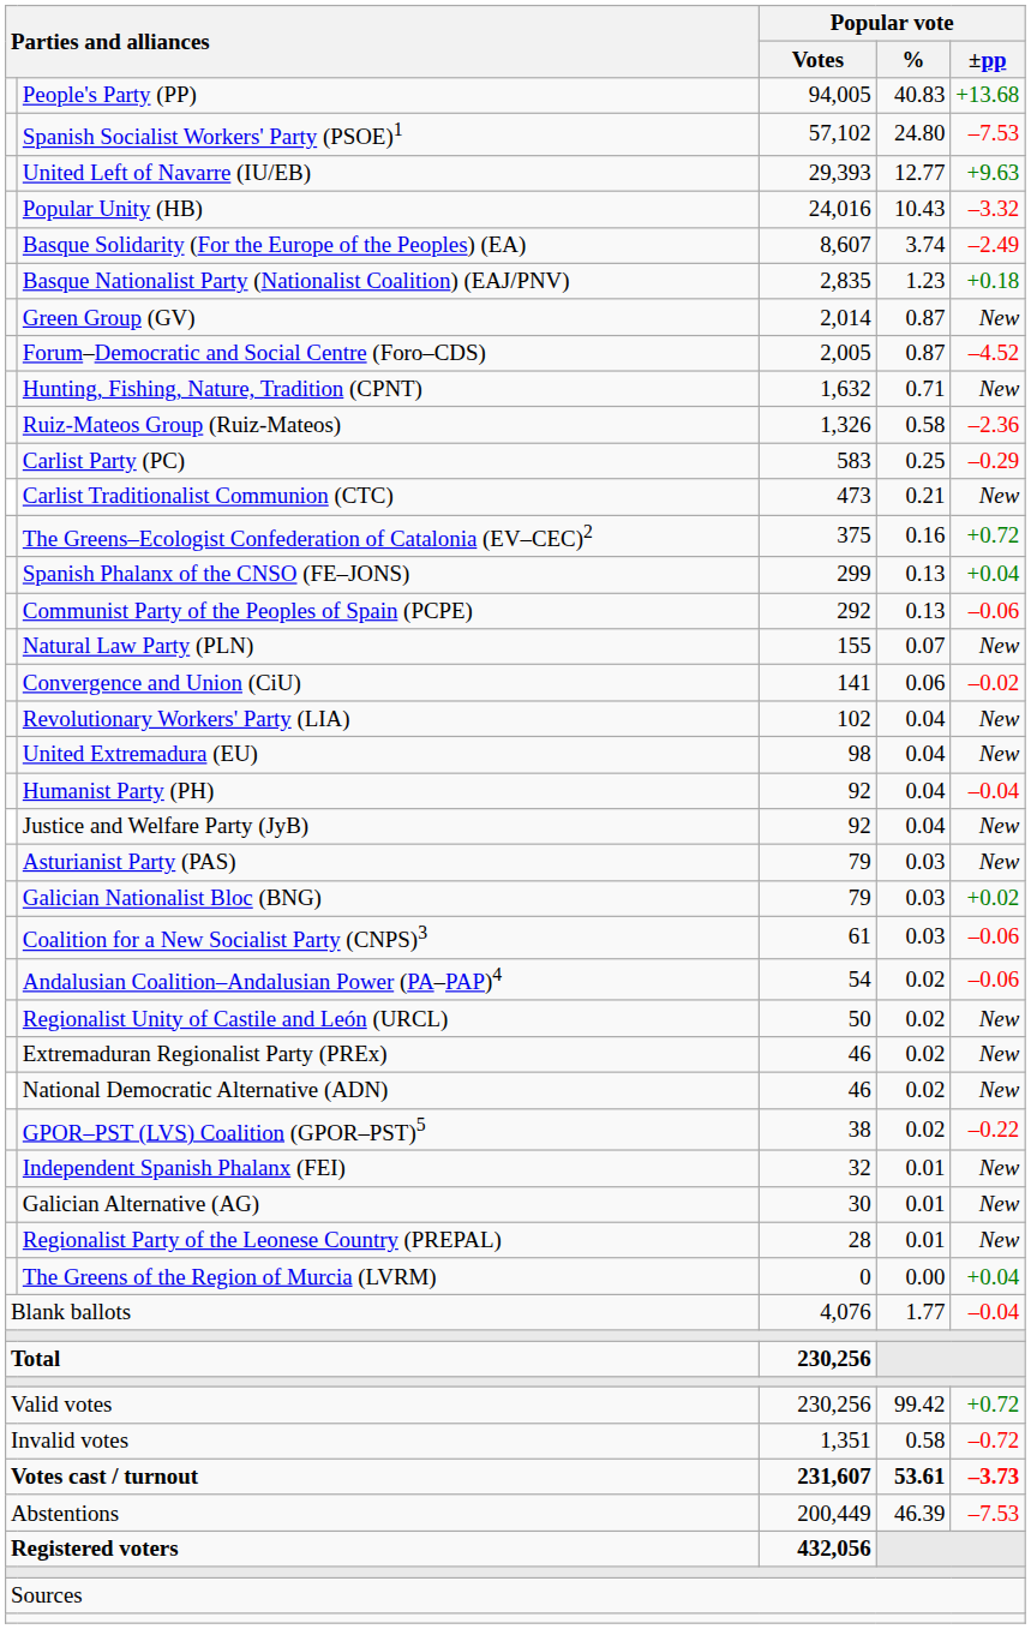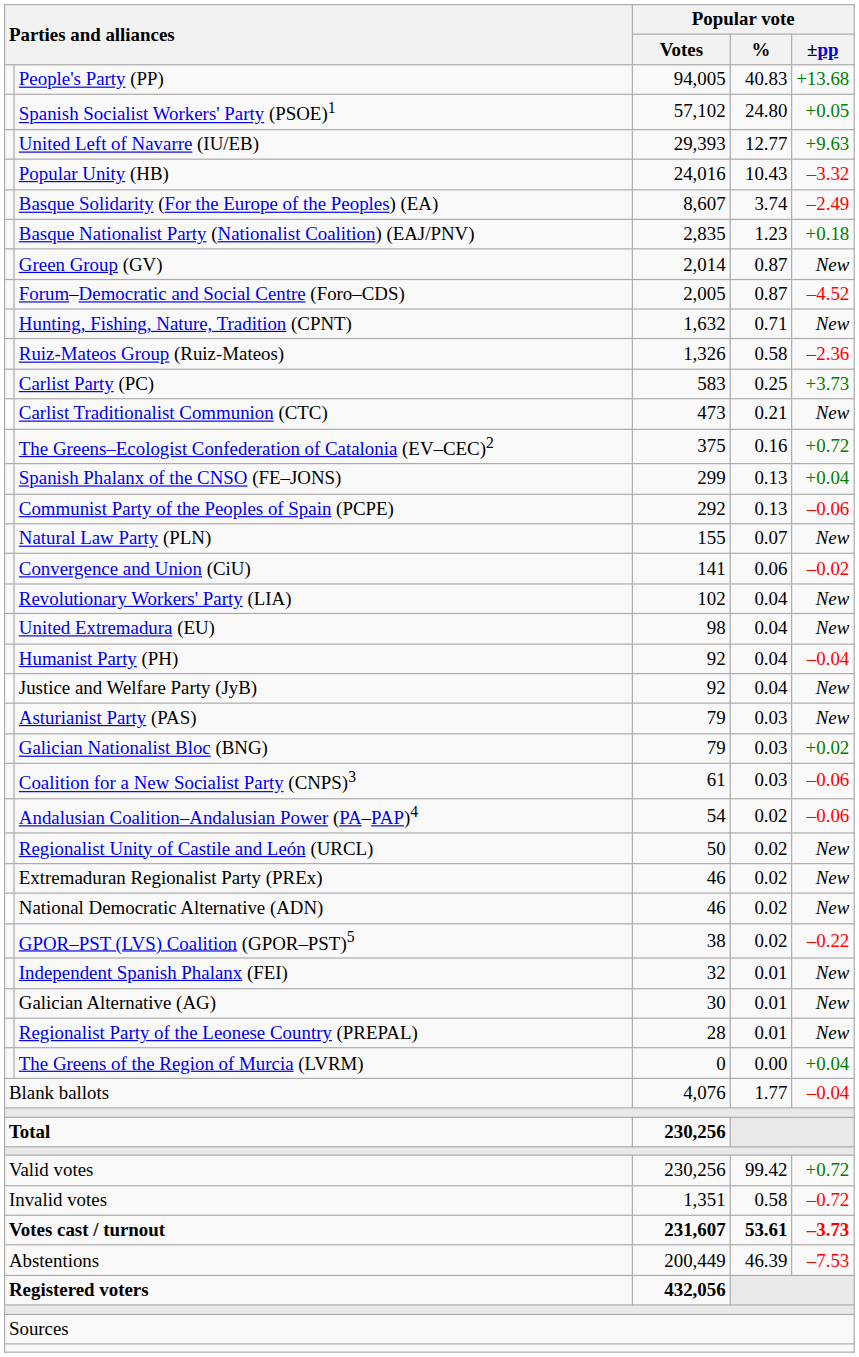 <table class="wikitable" style="text-align:right">
 <tr>
 <th style="text-align:left;" rowspan="2" colspan="2" width="525">Parties and alliances</th>
 <th colspan="3">Popular vote</th>
 </tr>
 <tr>
 <th width="75">Votes</th>
 <th width="45">%</th>
 <th width="45">±<a href='#'>pp</a></th>
 </tr>
 <tr>
 <td width="1" style="color:inherit;background:"></td>
 <td align="left"><a href='#'>People's Party</a> (PP)</td>
 <td>94,005</td>
 <td>40.83</td>
 <td style="color:green;">+13.68</td>
 </tr>
 <tr>
 <td style="color:inherit;background:"></td>
 <td align="left"><a href='#'>Spanish Socialist Workers' Party</a> (PSOE)<sup>1</sup></td>
 <td>57,102</td>
 <td>24.80</td>
-<td style="color:red;">–7.53</td>
+<td style="color:green;">+0.05</td>
 </tr>
 <tr>
 <td style="color:inherit;background:"></td>
 <td align="left"><a href='#'>United Left of Navarre</a> (IU/EB)</td>
 <td>29,393</td>
 <td>12.77</td>
 <td style="color:green;">+9.63</td>
 </tr>
 <tr>
 <td style="color:inherit;background:"></td>
 <td align="left"><a href='#'>Popular Unity</a> (HB)</td>
 <td>24,016</td>
 <td>10.43</td>
 <td style="color:red;">–3.32</td>
 </tr>
 <tr>
 <td style="color:inherit;background:"></td>
 <td align="left"><a href='#'>Basque Solidarity</a> (<a href='#'>For the Europe of the Peoples</a>) (EA)</td>
 <td>8,607</td>
 <td>3.74</td>
 <td style="color:red;">–2.49</td>
 </tr>
 <tr>
 <td style="color:inherit;background:"></td>
 <td align="left"><a href='#'>Basque Nationalist Party</a> (<a href='#'>Nationalist Coalition</a>) (EAJ/PNV)</td>
 <td>2,835</td>
 <td>1.23</td>
 <td style="color:green;">+0.18</td>
 </tr>
 <tr>
 <td style="color:inherit;background:"></td>
 <td align="left"><a href='#'>Green Group</a> (GV)</td>
 <td>2,014</td>
 <td>0.87</td>
 <td><em>New</em></td>
 </tr>
 <tr>
 <td style="color:inherit;background:"></td>
 <td align="left"><a href='#'>Forum</a>–<a href='#'>Democratic and Social Centre</a> (Foro–CDS)</td>
 <td>2,005</td>
 <td>0.87</td>
 <td style="color:red;">–4.52</td>
 </tr>
 <tr>
 <td style="color:inherit;background:"></td>
 <td align="left"><a href='#'>Hunting, Fishing, Nature, Tradition</a> (CPNT)</td>
 <td>1,632</td>
 <td>0.71</td>
 <td><em>New</em></td>
 </tr>
 <tr>
 <td style="color:inherit;background:"></td>
 <td align="left"><a href='#'>Ruiz-Mateos Group</a> (Ruiz-Mateos)</td>
 <td>1,326</td>
 <td>0.58</td>
 <td style="color:red;">–2.36</td>
 </tr>
 <tr>
 <td style="color:inherit;background:"></td>
 <td align="left"><a href='#'>Carlist Party</a> (PC)</td>
 <td>583</td>
 <td>0.25</td>
-<td style="color:red;">–0.29</td>
+<td style="color:green;">+3.73</td>
 </tr>
 <tr>
 <td bgcolor="white"></td>
 <td align="left"><a href='#'>Carlist Traditionalist Communion</a> (CTC)</td>
 <td>473</td>
 <td>0.21</td>
 <td><em>New</em></td>
 </tr>
 <tr>
 <td style="color:inherit;background:"></td>
 <td align="left"><a href='#'>The Greens–Ecologist Confederation of Catalonia</a> (EV–CEC)<sup>2</sup></td>
 <td>375</td>
 <td>0.16</td>
 <td style="color:green;">+0.72</td>
 </tr>
 <tr>
 <td style="color:inherit;background:"></td>
 <td align="left"><a href='#'>Spanish Phalanx of the CNSO</a> (FE–JONS)</td>
 <td>299</td>
 <td>0.13</td>
 <td style="color:green;">+0.04</td>
 </tr>
 <tr>
 <td style="color:inherit;background:"></td>
 <td align="left"><a href='#'>Communist Party of the Peoples of Spain</a> (PCPE)</td>
 <td>292</td>
 <td>0.13</td>
 <td style="color:red;">–0.06</td>
 </tr>
 <tr>
 <td style="color:inherit;background:"></td>
 <td align="left"><a href='#'>Natural Law Party</a> (PLN)</td>
 <td>155</td>
 <td>0.07</td>
 <td><em>New</em></td>
 </tr>
 <tr>
 <td style="color:inherit;background:"></td>
 <td align="left"><a href='#'>Convergence and Union</a> (CiU)</td>
 <td>141</td>
 <td>0.06</td>
 <td style="color:red;">–0.02</td>
 </tr>
 <tr>
 <td style="color:inherit;background:"></td>
 <td align="left"><a href='#'>Revolutionary Workers' Party</a> (LIA)</td>
 <td>102</td>
 <td>0.04</td>
 <td><em>New</em></td>
 </tr>
 <tr>
 <td style="color:inherit;background:"></td>
 <td align="left"><a href='#'>United Extremadura</a> (EU)</td>
 <td>98</td>
 <td>0.04</td>
 <td><em>New</em></td>
 </tr>
 <tr>
 <td style="color:inherit;background:"></td>
 <td align="left"><a href='#'>Humanist Party</a> (PH)</td>
 <td>92</td>
 <td>0.04</td>
 <td style="color:red;">–0.04</td>
 </tr>
 <tr>
 <td bgcolor="white"></td>
 <td align="left">Justice and Welfare Party (JyB)</td>
 <td>92</td>
 <td>0.04</td>
 <td><em>New</em></td>
 </tr>
 <tr>
 <td style="color:inherit;background:"></td>
 <td align="left"><a href='#'>Asturianist Party</a> (PAS)</td>
 <td>79</td>
 <td>0.03</td>
 <td><em>New</em></td>
 </tr>
 <tr>
 <td style="color:inherit;background:"></td>
 <td align="left"><a href='#'>Galician Nationalist Bloc</a> (BNG)</td>
 <td>79</td>
 <td>0.03</td>
 <td style="color:green;">+0.02</td>
 </tr>
 <tr>
 <td style="color:inherit;background:"></td>
 <td align="left"><a href='#'>Coalition for a New Socialist Party</a> (CNPS)<sup>3</sup></td>
 <td>61</td>
 <td>0.03</td>
 <td style="color:red;">–0.06</td>
 </tr>
 <tr>
 <td style="color:inherit;background:"></td>
 <td align="left"><a href='#'>Andalusian Coalition–Andalusian Power</a> (<a href='#'>PA</a>–<a href='#'>PAP</a>)<sup>4</sup></td>
 <td>54</td>
 <td>0.02</td>
 <td style="color:red;">–0.06</td>
 </tr>
 <tr>
 <td style="color:inherit;background:"></td>
 <td align="left"><a href='#'>Regionalist Unity of Castile and León</a> (URCL)</td>
 <td>50</td>
 <td>0.02</td>
 <td><em>New</em></td>
 </tr>
 <tr>
 <td style="color:inherit;background:"></td>
 <td align="left">Extremaduran Regionalist Party (PREx)</td>
 <td>46</td>
 <td>0.02</td>
 <td><em>New</em></td>
 </tr>
 <tr>
 <td bgcolor="white"></td>
 <td align="left">National Democratic Alternative (ADN)</td>
 <td>46</td>
 <td>0.02</td>
 <td><em>New</em></td>
 </tr>
 <tr>
 <td style="color:inherit;background:"></td>
 <td align="left"><a href='#'>GPOR–PST (LVS) Coalition</a> (GPOR–PST)<sup>5</sup></td>
 <td>38</td>
 <td>0.02</td>
 <td style="color:red;">–0.22</td>
 </tr>
 <tr>
 <td style="color:inherit;background:"></td>
 <td align="left"><a href='#'>Independent Spanish Phalanx</a> (FEI)</td>
 <td>32</td>
 <td>0.01</td>
 <td><em>New</em></td>
 </tr>
 <tr>
 <td style="color:inherit;background:"></td>
 <td align="left">Galician Alternative (AG)</td>
 <td>30</td>
 <td>0.01</td>
 <td><em>New</em></td>
 </tr>
 <tr>
 <td style="color:inherit;background:"></td>
 <td align="left"><a href='#'>Regionalist Party of the Leonese Country</a> (PREPAL)</td>
 <td>28</td>
 <td>0.01</td>
 <td><em>New</em></td>
 </tr>
 <tr>
 <td style="color:inherit;background:"></td>
 <td align="left"><a href='#'>The Greens of the Region of Murcia</a> (LVRM)</td>
 <td>0</td>
 <td>0.00</td>
 <td style="color:green;">+0.04</td>
 </tr>
 <tr>
 <td align="left" colspan="2">Blank ballots</td>
 <td>4,076</td>
 <td>1.77</td>
 <td style="color:red;">–0.04</td>
 </tr>
 <tr>
 <td colspan="5" bgcolor="#E9E9E9"></td>
 </tr>
 <tr style="font-weight:bold;">
 <td align="left" colspan="2">Total</td>
 <td>230,256</td>
 <td bgcolor="#E9E9E9" colspan="2"></td>
 </tr>
 <tr>
 <td colspan="5" bgcolor="#E9E9E9"></td>
 </tr>
 <tr>
 <td align="left" colspan="2">Valid votes</td>
 <td>230,256</td>
 <td>99.42</td>
 <td style="color:green;">+0.72</td>
 </tr>
 <tr>
 <td align="left" colspan="2">Invalid votes</td>
 <td>1,351</td>
 <td>0.58</td>
 <td style="color:red;">–0.72</td>
 </tr>
 <tr style="font-weight:bold;">
 <td align="left" colspan="2">Votes cast / turnout</td>
 <td>231,607</td>
 <td>53.61</td>
 <td style="color:red;">–3.73</td>
 </tr>
 <tr>
 <td align="left" colspan="2">Abstentions</td>
 <td>200,449</td>
 <td>46.39</td>
 <td style="color:red;">–7.53</td>
 </tr>
 <tr style="font-weight:bold;">
 <td align="left" colspan="2">Registered voters</td>
 <td>432,056</td>
 <td bgcolor="#E9E9E9" colspan="2"></td>
 </tr>
 <tr>
 <td colspan="5" bgcolor="#E9E9E9"></td>
 </tr>
 <tr>
 <td align="left" colspan="5">Sources</td>
 </tr>
 <tr>
 <td colspan="5" style="text-align:left; max-width:680px;"></td>
 </tr>
 </table>
